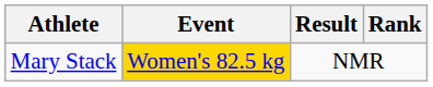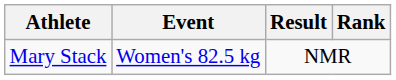 <table class=wikitable style="font-size:90%">
 <tr>
 <th>Athlete</th>
 <th>Event</th>
 <th>Result</th>
 <th>Rank</th>
 </tr>
 <tr>
 <td><a href='#'>Mary Stack</a></td>
-<td style="background: gold;"><a href='#'>Women's 82.5 kg</a></td>
+<td><a href='#'>Women's 82.5 kg</a></td>
 <td style="text-align:center;" colspan="2">NMR</td>
 </tr>
 </table>
